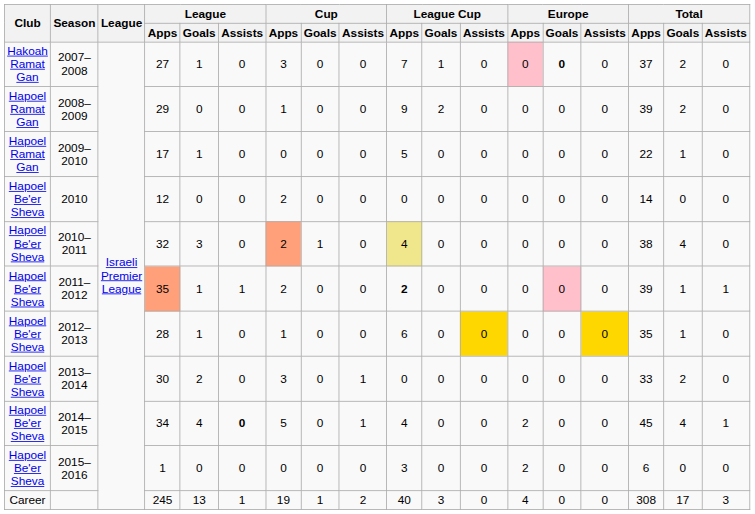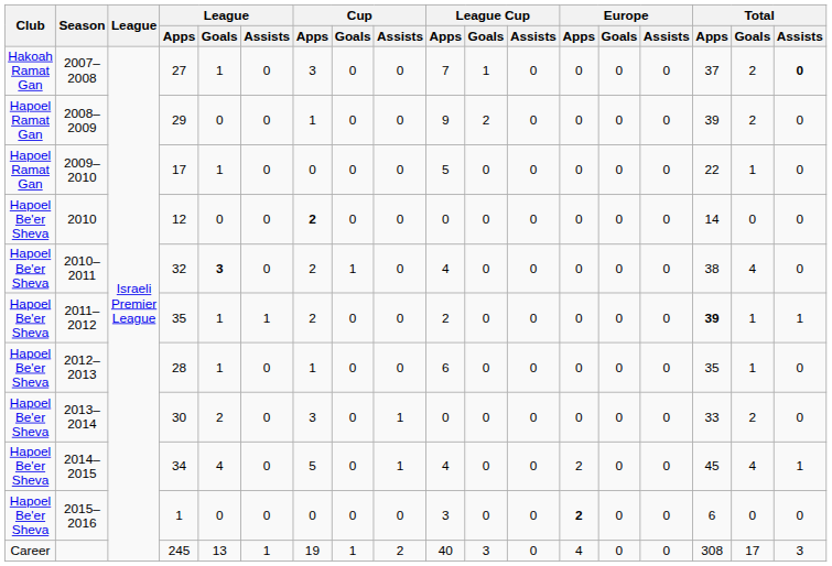 <table class="wikitable" style="font-size:90%; text-align: center;">
 <tr>
 <th rowspan="2">Club</th>
 <th rowspan="2">Season</th>
 <th rowspan="2">League</th>
 <th colspan="3">League</th>
 <th colspan="3">Cup</th>
 <th colspan="3">League Cup</th>
 <th colspan="3">Europe</th>
 <th colspan="3">Total</th>
 </tr>
 <tr>
 <th>Apps</th>
 <th>Goals</th>
 <th>Assists</th>
 <th>Apps</th>
 <th>Goals</th>
 <th>Assists</th>
 <th>Apps</th>
 <th>Goals</th>
 <th>Assists</th>
 <th>Apps</th>
 <th>Goals</th>
 <th>Assists</th>
 <th>Apps</th>
 <th>Goals</th>
 <th>Assists</th>
 </tr>
 <tr |-||-||-|>
 <td rowspan="1" valign="top"><a href='#'>Hakoah Ramat Gan</a></td>
 <td>2007–2008</td>
 <td rowspan="11"><a href='#'>Israeli Premier League</a></td>
 <td>27</td>
 <td>1</td>
 <td>0</td>
 <td>3</td>
 <td>0</td>
 <td>0</td>
 <td>7</td>
 <td>1</td>
 <td>0</td>
-<td style="background: pink;">0</td>
-<td><strong>0</strong></td>
+<td>0</td>
+<td>0</td>
 <td>0</td>
 <td>37</td>
 <td>2</td>
-<td>0</td>
+<td><strong>0</strong></td>
 </tr>
 <tr>
 <td rowspan="1" valign="top"><a href='#'>Hapoel Ramat Gan</a></td>
 <td>2008–2009</td>
 <td>29</td>
 <td>0</td>
 <td>0</td>
 <td>1</td>
 <td>0</td>
 <td>0</td>
 <td>9</td>
 <td>2</td>
 <td>0</td>
 <td>0</td>
 <td>0</td>
 <td>0</td>
 <td>39</td>
 <td>2</td>
 <td>0</td>
 </tr>
 <tr>
 <td rowspan="1" valign="top"><a href='#'>Hapoel Ramat Gan</a></td>
 <td>2009–2010</td>
 <td>17</td>
 <td>1</td>
 <td>0</td>
 <td>0</td>
 <td>0</td>
 <td>0</td>
 <td>5</td>
 <td>0</td>
 <td>0</td>
 <td>0</td>
 <td>0</td>
 <td>0</td>
 <td>22</td>
 <td>1</td>
 <td>0</td>
 </tr>
 <tr>
 <td rowspan="1" valign="top"><a href='#'>Hapoel Be'er Sheva</a></td>
 <td>2010</td>
 <td>12</td>
 <td>0</td>
 <td>0</td>
-<td>2</td>
+<td><strong>2</strong></td>
 <td>0</td>
 <td>0</td>
 <td>0</td>
 <td>0</td>
 <td>0</td>
 <td>0</td>
 <td>0</td>
 <td>0</td>
 <td>14</td>
 <td>0</td>
 <td>0</td>
 </tr>
 <tr>
 <td rowspan="1" valign="top"><a href='#'>Hapoel Be'er Sheva</a></td>
 <td>2010–2011</td>
 <td>32</td>
-<td>3</td>
+<td><strong>3</strong></td>
 <td>0</td>
-<td style="background: lightsalmon;">2</td>
+<td>2</td>
 <td>1</td>
 <td>0</td>
-<td style="background: khaki;">4</td>
+<td>4</td>
 <td>0</td>
 <td>0</td>
 <td>0</td>
 <td>0</td>
 <td>0</td>
 <td>38</td>
 <td>4</td>
 <td>0</td>
 </tr>
 <tr>
 <td rowspan="1" valign="top"><a href='#'>Hapoel Be'er Sheva</a></td>
 <td>2011–2012</td>
-<td style="background: lightsalmon;">35</td>
+<td>35</td>
 <td>1</td>
 <td>1</td>
 <td>2</td>
 <td>0</td>
 <td>0</td>
-<td><strong>2</strong></td>
+<td>2</td>
 <td>0</td>
 <td>0</td>
 <td>0</td>
-<td style="background: pink;">0</td>
 <td>0</td>
-<td>39</td>
+<td>0</td>
+<td><strong>39</strong></td>
 <td>1</td>
 <td>1</td>
 </tr>
 <tr>
 <td rowspan="1" valign="top"><a href='#'>Hapoel Be'er Sheva</a></td>
 <td>2012–2013</td>
 <td>28</td>
 <td>1</td>
 <td>0</td>
 <td>1</td>
 <td>0</td>
 <td>0</td>
 <td>6</td>
 <td>0</td>
-<td style="background: gold;">0</td>
 <td>0</td>
 <td>0</td>
-<td style="background: gold;">0</td>
+<td>0</td>
+<td>0</td>
 <td>35</td>
 <td>1</td>
 <td>0</td>
 </tr>
 <tr>
 <td rowspan="1" valign="top"><a href='#'>Hapoel Be'er Sheva</a></td>
 <td>2013–2014</td>
 <td>30</td>
 <td>2</td>
 <td>0</td>
 <td>3</td>
 <td>0</td>
 <td>1</td>
 <td>0</td>
 <td>0</td>
 <td>0</td>
 <td>0</td>
 <td>0</td>
 <td>0</td>
 <td>33</td>
 <td>2</td>
 <td>0</td>
 </tr>
 <tr>
 <td rowspan="1" valign="top"><a href='#'>Hapoel Be'er Sheva</a></td>
 <td>2014–2015</td>
 <td>34</td>
 <td>4</td>
-<td><strong>0</strong></td>
+<td>0</td>
 <td>5</td>
 <td>0</td>
 <td>1</td>
 <td>4</td>
 <td>0</td>
 <td>0</td>
 <td>2</td>
 <td>0</td>
 <td>0</td>
 <td>45</td>
 <td>4</td>
 <td>1</td>
 </tr>
 <tr>
 <td rowspan="1" valign="top"><a href='#'>Hapoel Be'er Sheva</a></td>
 <td>2015–2016</td>
 <td>1</td>
 <td>0</td>
 <td>0</td>
 <td>0</td>
 <td>0</td>
 <td>0</td>
 <td>3</td>
 <td>0</td>
 <td>0</td>
-<td>2</td>
+<td><strong>2</strong></td>
 <td>0</td>
 <td>0</td>
 <td>6</td>
 <td>0</td>
 <td>0</td>
 </tr>
 <tr>
 <td rowspan="1" valign="top">Career</td>
 <td></td>
 <td>245</td>
 <td>13</td>
 <td>1</td>
 <td>19</td>
 <td>1</td>
 <td>2</td>
 <td>40</td>
 <td>3</td>
 <td>0</td>
 <td>4</td>
 <td>0</td>
 <td>0</td>
 <td>308</td>
 <td>17</td>
 <td>3</td>
 </tr>
 </table>
